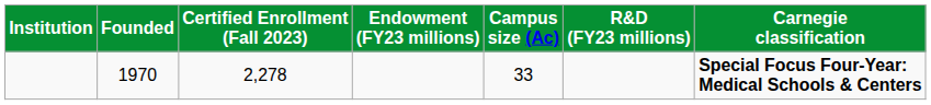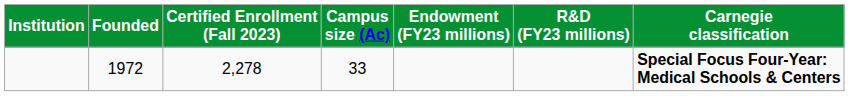 <table class="wikitable sortable plainrowheaders" style="border:2px solid #;">
 <tr>
 <th scope="col" style="background-color: #059033; color: white;">Institution</th>
 <th scope="col" style="background-color: #059033; color: white;">Founded</th>
 <th scope="col" style="background-color: #059033; color: white;">Certified Enrollment<br>(Fall 2023)</th>
+<th scope="col" style="background-color: #059033; color: white;">Campus<br>size <a href='#'>(Ac)</a></th>
 <th scope="col" style="background-color: #059033; color: white;">Endowment<br> (FY23 millions) <br></th>
-<th scope="col" style="background-color: #059033; color: white;">Campus<br>size <a href='#'>(Ac)</a></th>
 <th scope="col" style="background-color: #059033; color: white;">R&D<br>(FY23 millions)</th>
 <th scope="col" style="background-color: #059033; color: white;">Carnegie<br>classification</th>
 </tr>
 <tr>
 <td></td>
-<td align="center">1970</td>
+<td align="center">1972</td>
 <td align="center">2,278</td>
+<td align="center">33</td>
 <td align="center"></td>
-<td align="center">33</td>
 <td align="center"></td>
 <td><strong>Special Focus Four-Year:<br>Medical Schools & Centers</strong></td>
 </tr>
 </table>
